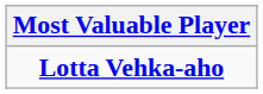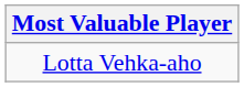 <table class=wikitable style="text-align:center; margin:auto">
 <tr>
 <th><a href='#'>Most Valuable Player</a></th>
 </tr>
 <tr>
-<td><strong> <a href='#'>Lotta Vehka-aho</a></strong></td>
+<td> <a href='#'>Lotta Vehka-aho</a></td>
 </tr>
 </table>
